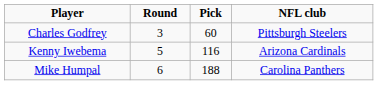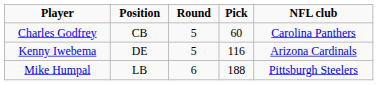 <table class="wikitable" width="80%">
 <tr align="center">
 <td><strong>Player</strong></td>
+<td><strong>Position</strong></td>
 <td><strong>Round</strong></td>
 <td><strong>Pick</strong></td>
 <td><strong>NFL club</strong></td>
 </tr>
 <tr style="text-align:center;" bgcolor="">
 <td><a href='#'>Charles Godfrey</a></td>
-<td>3</td>
+<td>CB</td>
+<td>5</td>
 <td>60</td>
-<td><a href='#'>Pittsburgh Steelers</a></td>
+<td><a href='#'>Carolina Panthers</a></td>
 </tr>
 <tr style="text-align:center;" bgcolor="">
 <td><a href='#'>Kenny Iwebema</a></td>
+<td>DE</td>
 <td>5</td>
 <td>116</td>
 <td><a href='#'>Arizona Cardinals</a></td>
 </tr>
 <tr style="text-align:center;" bgcolor="">
 <td><a href='#'>Mike Humpal</a></td>
+<td>LB</td>
 <td>6</td>
 <td>188</td>
-<td><a href='#'>Carolina Panthers</a></td>
+<td><a href='#'>Pittsburgh Steelers</a></td>
 </tr>
 </table>
